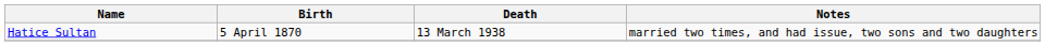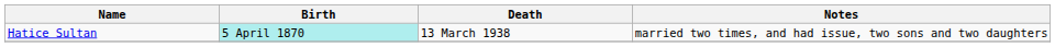 <table class="wikitable">
 <tr>
 <th>Name</th>
 <th>Birth</th>
 <th>Death</th>
 <th style="width:40%;">Notes</th>
 </tr>
 <tr>
 <td><a href='#'>Hatice Sultan</a></td>
-<td>5 April 1870</td>
+<td style="background: paleturquoise;">5 April 1870</td>
 <td>13 March 1938</td>
 <td>married two times, and had issue, two sons and two daughters</td>
 </tr>
 <tr>
 </tr>
 </table>
